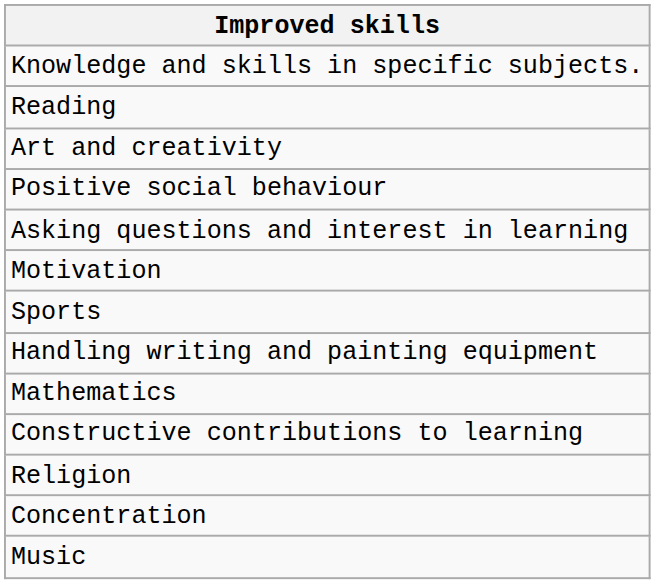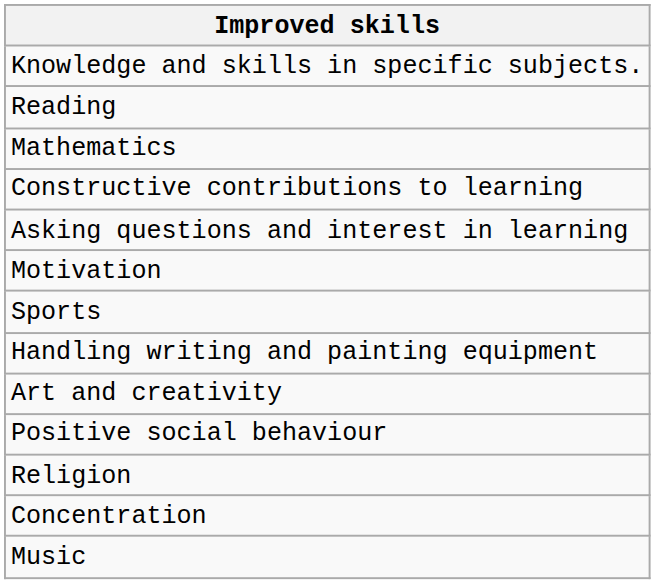 <table class="wikitable">
 <tr>
 <th>Improved skills</th>
 </tr>
 <tr>
 <td>Knowledge and skills in specific subjects.</td>
 </tr>
 <tr>
 <td>Reading</td>
 </tr>
 <tr>
-<td>Art and creativity</td>
+<td>Mathematics</td>
 </tr>
 <tr>
-<td>Positive social behaviour</td>
+<td>Constructive contributions to learning</td>
 </tr>
 <tr>
 <td>Asking questions and interest in learning</td>
 </tr>
 <tr>
 <td>Motivation</td>
 </tr>
 <tr>
 <td>Sports</td>
 </tr>
 <tr>
 <td>Handling writing and painting equipment</td>
 </tr>
 <tr>
-<td>Mathematics</td>
+<td>Art and creativity</td>
 </tr>
 <tr>
-<td>Constructive contributions to learning</td>
+<td>Positive social behaviour</td>
 </tr>
 <tr>
 <td>Religion</td>
 </tr>
 <tr>
 <td>Concentration</td>
 </tr>
 <tr>
 <td>Music</td>
 </tr>
 </table>
